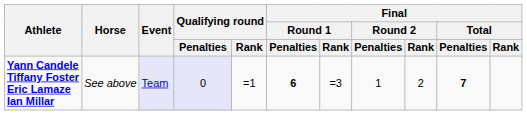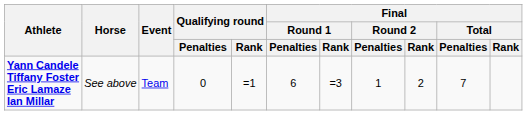 <table class=wikitable style="font-size:90%">
 <tr>
 <th rowspan=3>Athlete</th>
 <th rowspan=3>Horse</th>
 <th rowspan=3>Event</th>
 <th colspan=2 rowspan=2>Qualifying round</th>
 <th colspan="8">Final</th>
 </tr>
 <tr>
 <th colspan=2>Round 1</th>
 <th colspan=2>Round 2</th>
 <th colspan=2>Total</th>
 </tr>
 <tr>
 <th>Penalties</th>
 <th>Rank</th>
 <th>Penalties</th>
 <th>Rank</th>
 <th>Penalties</th>
 <th>Rank</th>
 <th>Penalties</th>
 <th>Rank</th>
 </tr>
 <tr align=center>
 <td align=left><strong><a href='#'>Yann Candele</a><br><a href='#'>Tiffany Foster</a><br><a href='#'>Eric Lamaze</a><br><a href='#'>Ian Millar</a></strong></td>
 <td align=left><em>See above</em></td>
-<td align=left style="background: lavender;"><a href='#'>Team</a></td>
-<td style="background: lavender;">0</td>
+<td align=left><a href='#'>Team</a></td>
+<td>0</td>
 <td>=1</td>
-<td><strong>6</strong></td>
+<td>6</td>
 <td>=3</td>
 <td>1</td>
 <td>2</td>
-<td><strong>7</strong></td>
+<td>7</td>
 <td></td>
 </tr>
 </table>
